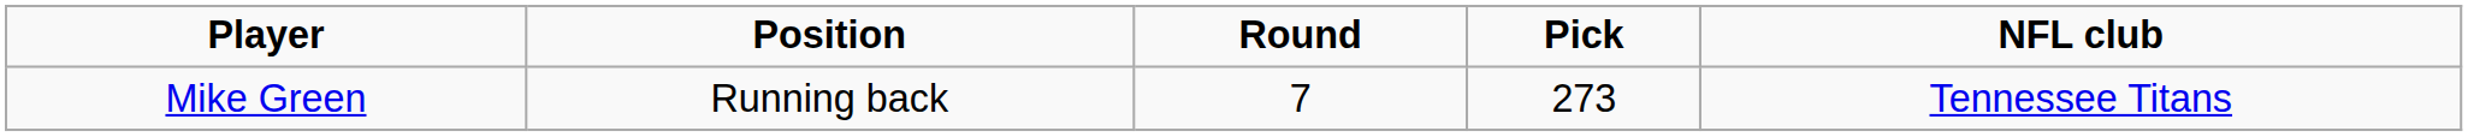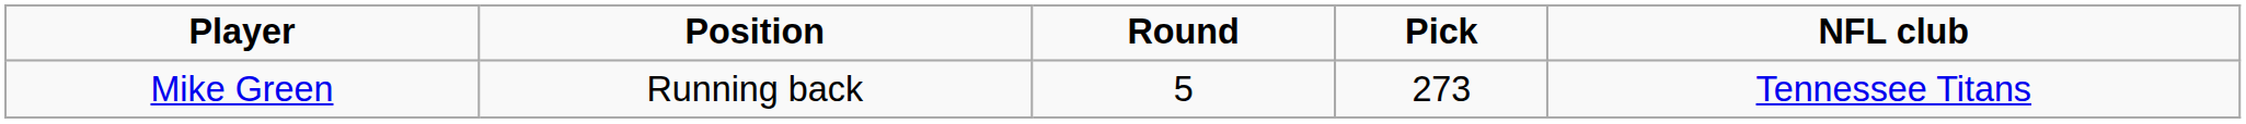 <table class="wikitable" width="80%">
 <tr align="center">
 <td><strong>Player</strong></td>
 <td><strong>Position</strong></td>
 <td><strong>Round</strong></td>
 <td><strong>Pick</strong></td>
 <td><strong>NFL club</strong></td>
 </tr>
 <tr align="center" bgcolor="">
 <td><a href='#'>Mike Green</a></td>
 <td>Running back</td>
-<td>7</td>
+<td>5</td>
 <td>273</td>
 <td><a href='#'>Tennessee Titans</a></td>
 </tr>
 </table>
